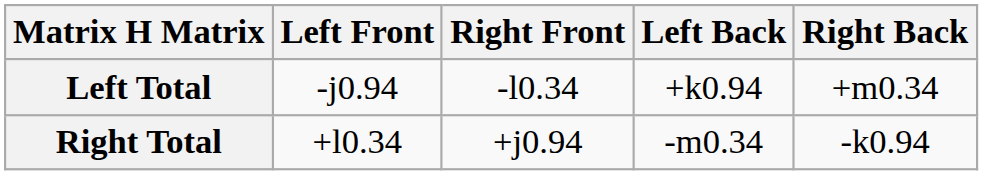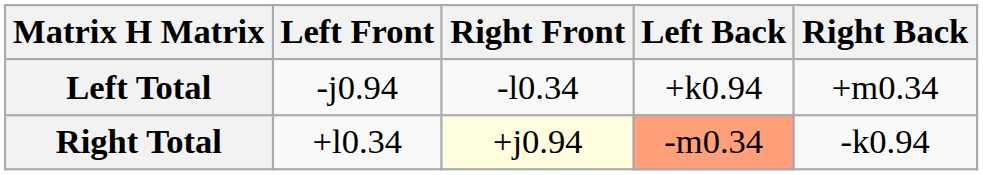 <table class="wikitable" style="text-align:center">
 <tr>
 <th>Matrix H Matrix</th>
 <th>Left Front</th>
 <th>Right Front</th>
 <th>Left Back</th>
 <th>Right Back</th>
 </tr>
 <tr>
 <th>Left Total</th>
 <td>-j0.94</td>
 <td>-l0.34</td>
 <td>+k0.94</td>
 <td>+m0.34</td>
 </tr>
 <tr>
 <th>Right Total</th>
 <td>+l0.34</td>
-<td>+j0.94</td>
-<td>-m0.34</td>
+<td style="background: lightyellow;">+j0.94</td>
+<td style="background: lightsalmon;">-m0.34</td>
 <td>-k0.94</td>
 </tr>
 </table>
